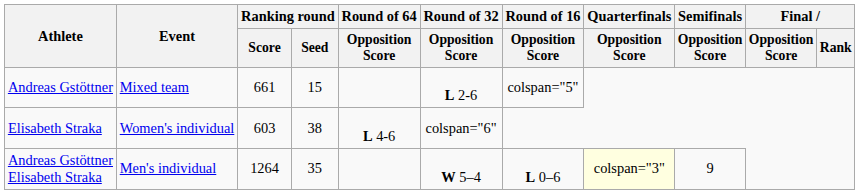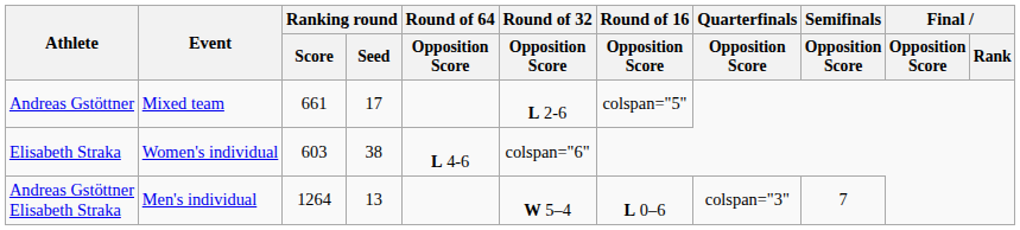 <table class="wikitable" style="text-align:center; font-size:90%">
 <tr>
 <th rowspan="2">Athlete</th>
 <th rowspan="2">Event</th>
 <th colspan="2">Ranking round</th>
 <th>Round of 64</th>
 <th>Round of 32</th>
 <th>Round of 16</th>
 <th>Quarterfinals</th>
 <th>Semifinals</th>
 <th colspan="2">Final / </th>
 </tr>
 <tr style="font-size:95%">
 <th>Score</th>
 <th>Seed</th>
 <th>Opposition<br>Score</th>
 <th>Opposition<br>Score</th>
 <th>Opposition<br>Score</th>
 <th>Opposition<br>Score</th>
 <th>Opposition<br>Score</th>
 <th>Opposition<br>Score</th>
 <th>Rank</th>
 </tr>
 <tr>
 <td align="left"><a href='#'>Andreas Gstöttner</a></td>
 <td align="left"><a href='#'>Mixed team</a></td>
 <td>661</td>
-<td>15</td>
+<td>17</td>
 <td></td>
 <td><br><strong>L</strong> 2-6</td>
 <td>colspan="5" </td>
 </tr>
 <tr>
 <td align="left"><a href='#'>Elisabeth Straka</a></td>
 <td align="left"><a href='#'>Women's individual</a></td>
 <td>603</td>
 <td>38</td>
 <td><br><strong>L</strong> 4-6</td>
 <td>colspan="6" </td>
 </tr>
 <tr>
 <td align="left"><a href='#'>Andreas Gstöttner</a><br><a href='#'>Elisabeth Straka</a></td>
 <td align="left"><a href='#'>Men's individual</a></td>
 <td>1264</td>
-<td>35</td>
+<td>13</td>
 <td></td>
 <td><br><strong>W</strong> 5–4</td>
 <td><br><strong>L</strong> 0–6</td>
-<td style="background: lightyellow;">colspan="3" </td>
-<td>9</td>
+<td>colspan="3" </td>
+<td>7</td>
 </tr>
 </table>
